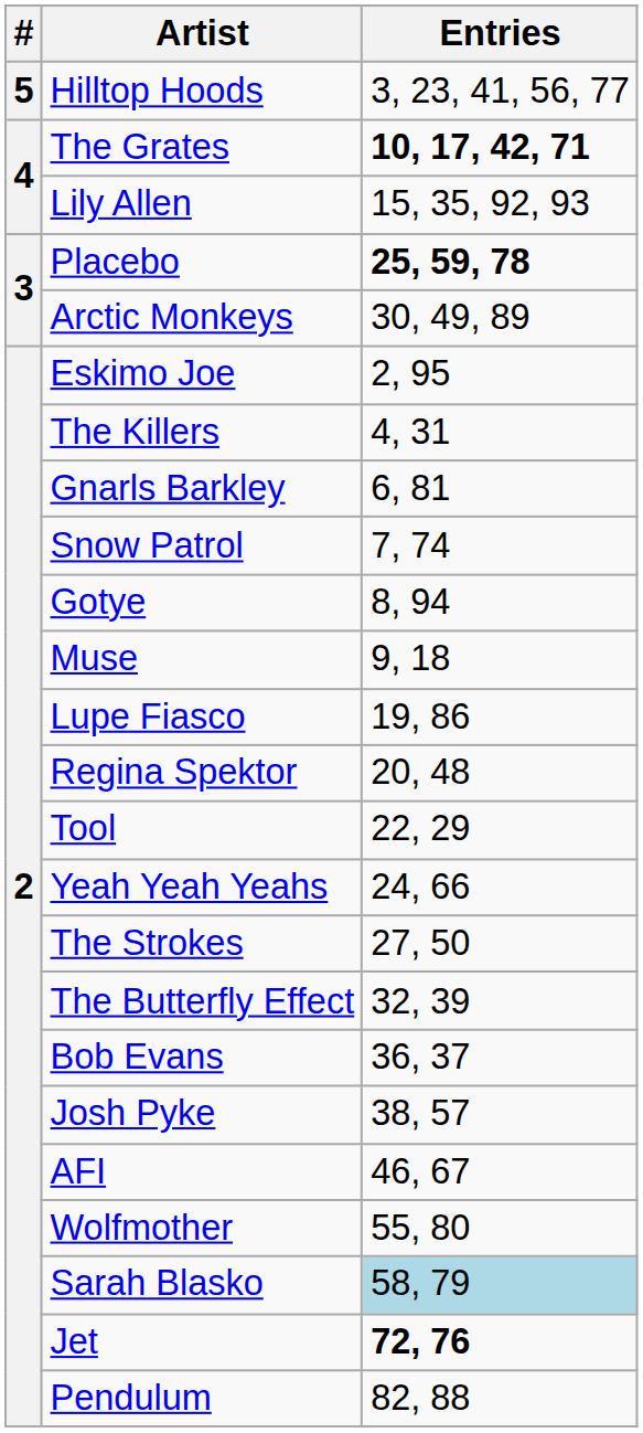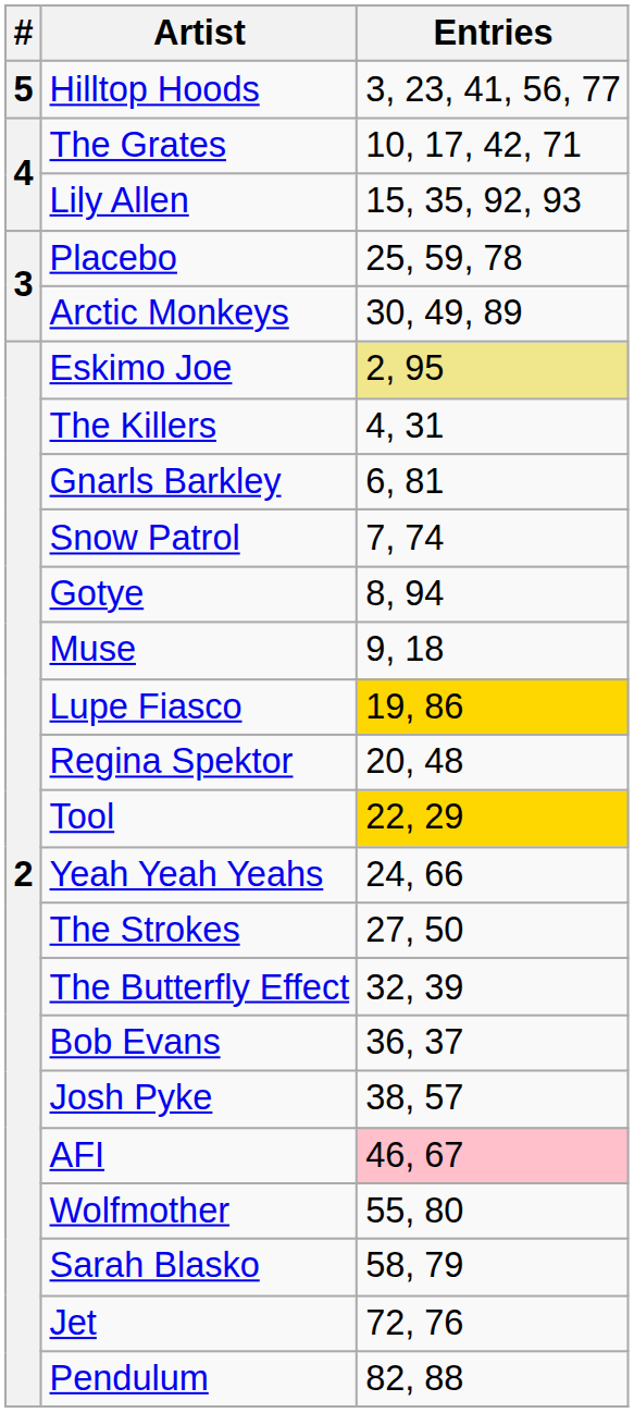 <table class="wikitable sortable">
 <tr>
 <th>#</th>
 <th>Artist</th>
 <th>Entries</th>
 </tr>
 <tr>
 <th>5</th>
 <td><a href='#'>Hilltop Hoods</a></td>
 <td>3, 23, 41, 56, 77</td>
 </tr>
 <tr>
 <th rowspan="2">4</th>
 <td><a href='#'>The Grates</a></td>
-<td><strong>10, 17, 42, 71</strong></td>
+<td>10, 17, 42, 71</td>
 </tr>
 <tr>
 <td><a href='#'>Lily Allen</a></td>
 <td>15, 35, 92, 93</td>
 </tr>
 <tr>
 <th rowspan="2">3</th>
 <td><a href='#'>Placebo</a></td>
-<td><strong>25, 59, 78</strong></td>
+<td>25, 59, 78</td>
 </tr>
 <tr>
 <td><a href='#'>Arctic Monkeys</a></td>
 <td>30, 49, 89</td>
 </tr>
 <tr>
 <th rowspan="19">2</th>
 <td><a href='#'>Eskimo Joe</a></td>
-<td>2, 95</td>
+<td style="background: khaki;">2, 95</td>
 </tr>
 <tr>
 <td><a href='#'>The Killers</a></td>
 <td>4, 31</td>
 </tr>
 <tr>
 <td><a href='#'>Gnarls Barkley</a></td>
 <td>6, 81</td>
 </tr>
 <tr>
 <td><a href='#'>Snow Patrol</a></td>
 <td>7, 74</td>
 </tr>
 <tr>
 <td><a href='#'>Gotye</a></td>
 <td>8, 94</td>
 </tr>
 <tr>
 <td><a href='#'>Muse</a></td>
 <td>9, 18</td>
 </tr>
 <tr>
 <td><a href='#'>Lupe Fiasco</a></td>
-<td>19, 86</td>
+<td style="background: gold;">19, 86</td>
 </tr>
 <tr>
 <td><a href='#'>Regina Spektor</a></td>
 <td>20, 48</td>
 </tr>
 <tr>
 <td><a href='#'>Tool</a></td>
-<td>22, 29</td>
+<td style="background: gold;">22, 29</td>
 </tr>
 <tr>
 <td><a href='#'>Yeah Yeah Yeahs</a></td>
 <td>24, 66</td>
 </tr>
 <tr>
 <td><a href='#'>The Strokes</a></td>
 <td>27, 50</td>
 </tr>
 <tr>
 <td><a href='#'>The Butterfly Effect</a></td>
 <td>32, 39</td>
 </tr>
 <tr>
 <td><a href='#'>Bob Evans</a></td>
 <td>36, 37</td>
 </tr>
 <tr>
 <td><a href='#'>Josh Pyke</a></td>
 <td>38, 57</td>
 </tr>
 <tr>
 <td><a href='#'>AFI</a></td>
-<td>46, 67</td>
+<td style="background: pink;">46, 67</td>
 </tr>
 <tr>
 <td><a href='#'>Wolfmother</a></td>
 <td>55, 80</td>
 </tr>
 <tr>
 <td><a href='#'>Sarah Blasko</a></td>
-<td style="background: lightblue;">58, 79</td>
+<td>58, 79</td>
 </tr>
 <tr>
 <td><a href='#'>Jet</a></td>
-<td><strong>72, 76</strong></td>
+<td>72, 76</td>
 </tr>
 <tr>
 <td><a href='#'>Pendulum</a></td>
 <td>82, 88</td>
 </tr>
 </table>
